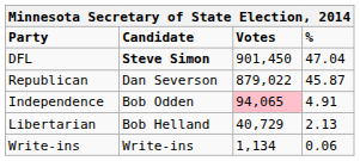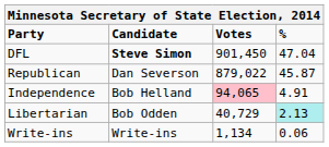 <table class="wikitable">
 <tr>
 <th colspan="4">Minnesota Secretary of State Election, 2014</th>
 </tr>
 <tr>
 <td><strong>Party</strong></td>
 <td><strong>Candidate</strong></td>
 <td><strong>Votes</strong></td>
 <td><strong>%</strong></td>
 </tr>
 <tr>
 <td>DFL</td>
 <td><strong>Steve Simon</strong></td>
 <td>901,450</td>
 <td>47.04</td>
 </tr>
 <tr>
 <td>Republican</td>
 <td>Dan Severson</td>
 <td>879,022</td>
 <td>45.87</td>
 </tr>
 <tr>
 <td>Independence</td>
-<td>Bob Odden</td>
+<td>Bob Helland</td>
 <td style="background: pink;">94,065</td>
 <td>4.91</td>
 </tr>
 <tr>
 <td>Libertarian</td>
-<td>Bob Helland</td>
+<td>Bob Odden</td>
 <td>40,729</td>
-<td>2.13</td>
+<td style="background: paleturquoise;">2.13</td>
 </tr>
 <tr>
 <td>Write-ins</td>
 <td>Write-ins</td>
 <td>1,134</td>
 <td>0.06</td>
 </tr>
 </table>
